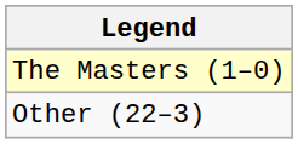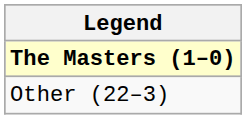 <table class="wikitable">
 <tr>
 <th>Legend</th>
 </tr>
 <tr bgcolor="ffffcc">
-<td>The Masters (1–0)</td>
+<td><strong>The Masters (1–0)</strong></td>
 </tr>
 <tr>
 <td>Other (22–3)</td>
 </tr>
 </table>
